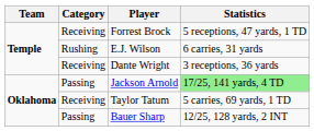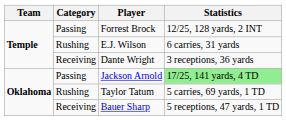 <table class="wikitable" style="float: right;">
 <tr>
 <th>Team</th>
 <th>Category</th>
 <th>Player</th>
 <th>Statistics</th>
 </tr>
 <tr>
 <td rowspan=3><strong>Temple</strong></td>
-<td>Receiving</td>
+<td>Passing</td>
 <td>Forrest Brock</td>
-<td>5 receptions, 47 yards, 1 TD</td>
+<td>12/25, 128 yards, 2 INT</td>
 </tr>
 <tr>
 <td>Rushing</td>
 <td>E.J. Wilson</td>
 <td>6 carries, 31 yards</td>
 </tr>
 <tr>
 <td>Receiving</td>
 <td>Dante Wright</td>
 <td>3 receptions, 36 yards</td>
 </tr>
 <tr>
 <td rowspan=3><strong>Oklahoma</strong></td>
 <td>Passing</td>
 <td><a href='#'>Jackson Arnold</a></td>
 <td style="background: lightgreen;">17/25, 141 yards, 4 TD</td>
 </tr>
 <tr>
-<td>Receiving</td>
+<td>Rushing</td>
 <td>Taylor Tatum</td>
 <td>5 carries, 69 yards, 1 TD</td>
 </tr>
 <tr>
-<td>Passing</td>
+<td>Receiving</td>
 <td><a href='#'>Bauer Sharp</a></td>
-<td>12/25, 128 yards, 2 INT</td>
+<td>5 receptions, 47 yards, 1 TD</td>
 </tr>
 </table>
